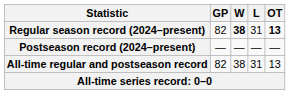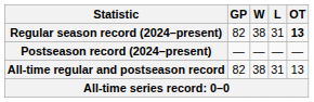 <table class="wikitable" style="text-align:center; font-size:95%;">
 <tr>
 <th scope="col">Statistic</th>
 <th scope="col">GP</th>
 <th scope="col">W</th>
 <th scope="col">L</th>
 <th scope="col">OT</th>
 </tr>
 <tr>
 <th scope="row">Regular season record (2024–present)</th>
 <td>82</td>
-<td><strong>38</strong></td>
+<td>38</td>
 <td>31</td>
 <td><strong>13</strong></td>
 </tr>
 <tr>
 <th scope="row">Postseason record (2024–present)</th>
 <td>—</td>
 <td>—</td>
 <td>—</td>
 <td>—</td>
 </tr>
 <tr>
 <th>All-time regular and postseason record</th>
 <td>82</td>
 <td>38</td>
 <td>31</td>
 <td>13</td>
 </tr>
 <tr>
 <th scope="colgroup" colspan="6">All-time series record: 0–0</th>
 </tr>
 </table>
